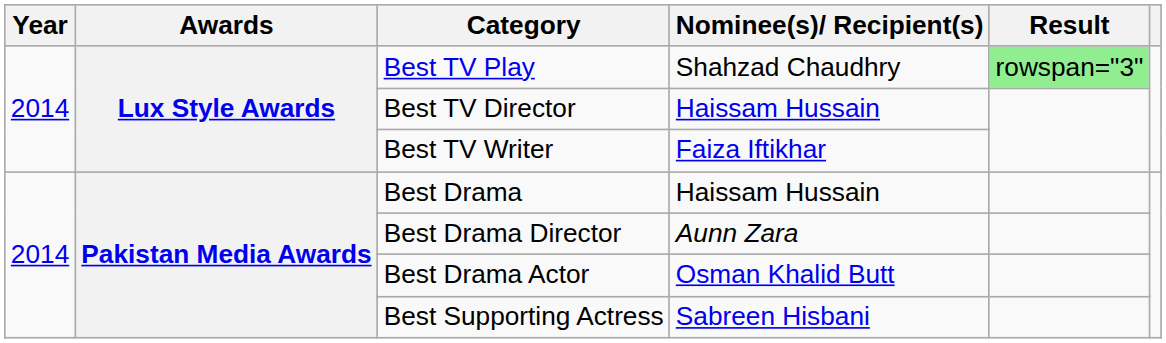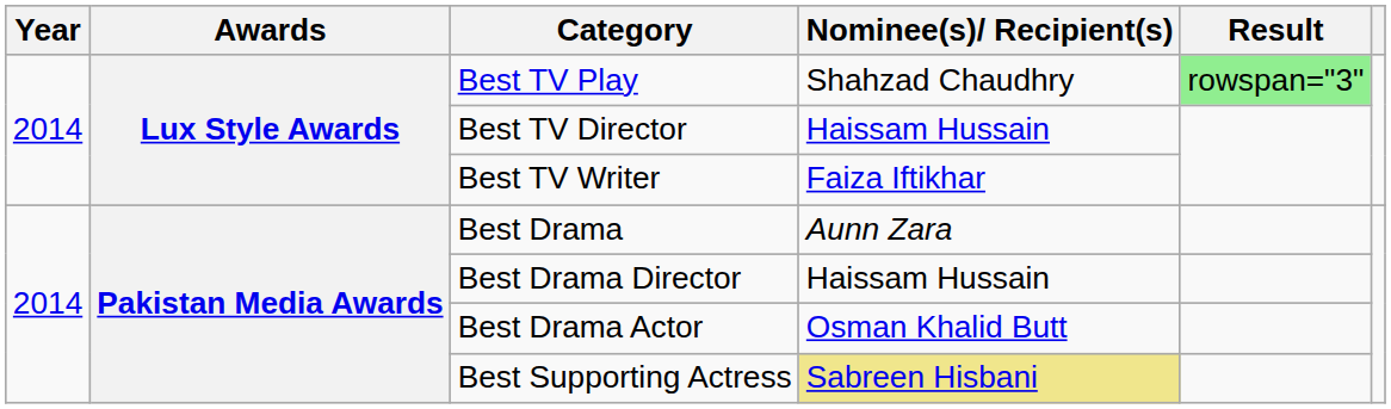 <table class="wikitable plainrowheaders">
 <tr>
 <th>Year</th>
 <th>Awards</th>
 <th>Category</th>
 <th>Nominee(s)/ Recipient(s)</th>
 <th>Result</th>
 <th></th>
 </tr>
 <tr>
 <td rowspan="3"><a href='#'>2014</a></td>
 <th scope="row" rowspan="3"><a href='#'>Lux Style Awards</a></th>
 <td><a href='#'>Best TV Play</a></td>
 <td>Shahzad Chaudhry</td>
 <td style="background: lightgreen;">rowspan="3" </td>
 <td rowspan="3"></td>
 </tr>
 <tr>
 <td>Best TV Director</td>
 <td><a href='#'>Haissam Hussain</a></td>
 </tr>
 <tr>
 <td>Best TV Writer</td>
 <td><a href='#'>Faiza Iftikhar</a></td>
 </tr>
 <tr>
 <td rowspan="4"><a href='#'>2014</a></td>
 <th scope="row" rowspan="4"><a href='#'>Pakistan Media Awards</a></th>
 <td>Best Drama</td>
-<td>Haissam Hussain</td>
+<td><em>Aunn Zara</em></td>
 <td></td>
 <td rowspan="4"></td>
 </tr>
 <tr>
 <td>Best Drama Director</td>
-<td><em>Aunn Zara</em></td>
+<td>Haissam Hussain</td>
 <td></td>
 </tr>
 <tr>
 <td>Best Drama Actor</td>
 <td><a href='#'>Osman Khalid Butt</a></td>
 <td></td>
 </tr>
 <tr>
 <td>Best Supporting Actress</td>
-<td><a href='#'>Sabreen Hisbani</a></td>
+<td style="background: khaki;"><a href='#'>Sabreen Hisbani</a></td>
 <td></td>
 </tr>
 </table>
